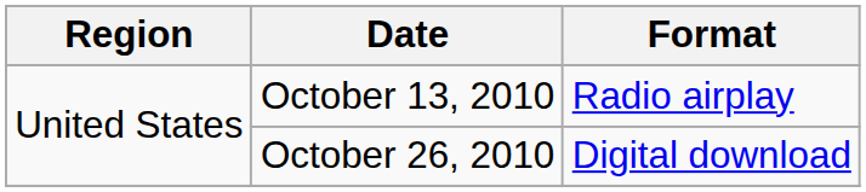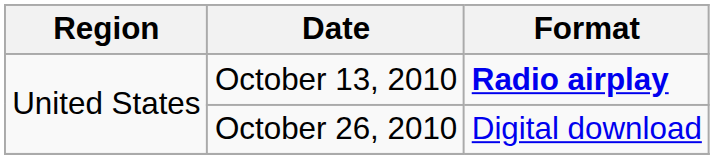 <table class="wikitable">
 <tr>
 <th>Region</th>
 <th>Date</th>
 <th>Format</th>
 </tr>
 <tr>
 <td rowspan="2">United States</td>
 <td>October 13, 2010</td>
-<td><a href='#'>Radio airplay</a></td>
+<td><strong><a href='#'>Radio airplay</a></strong></td>
 </tr>
 <tr>
 <td>October 26, 2010</td>
 <td><a href='#'>Digital download</a></td>
 </tr>
 <tr>
 </tr>
 </table>
